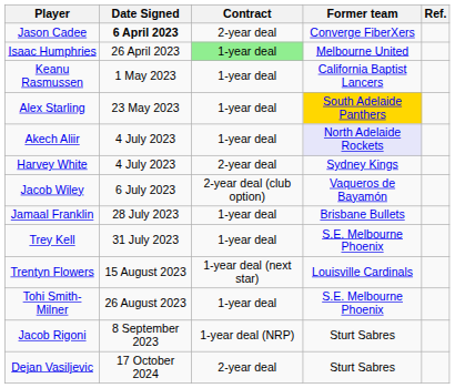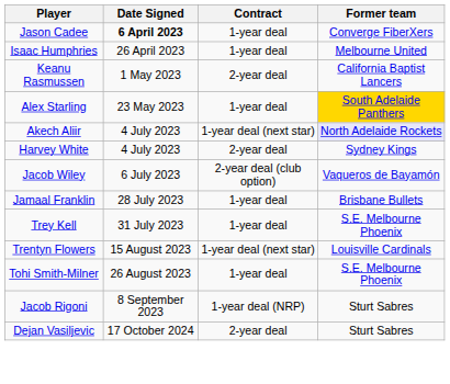 <table class="wikitable sortable sortable" style="text-align: center">
 <tr>
 <th>Player</th>
 <th>Date Signed</th>
 <th>Contract</th>
 <th>Former team</th>
-<th>Ref.</th>
 </tr>
 <tr>
 <td><a href='#'>Jason Cadee</a></td>
 <td><strong>6 April 2023</strong></td>
-<td>2-year deal</td>
+<td>1-year deal</td>
 <td><a href='#'>Converge FiberXers</a></td>
-<td></td>
 </tr>
 <tr>
 <td><a href='#'>Isaac Humphries</a></td>
 <td>26 April 2023</td>
-<td style="background: lightgreen;">1-year deal</td>
+<td>1-year deal</td>
 <td><a href='#'>Melbourne United</a></td>
-<td></td>
 </tr>
 <tr>
 <td><a href='#'>Keanu Rasmussen</a></td>
 <td>1 May 2023</td>
-<td>1-year deal</td>
+<td>2-year deal</td>
 <td><a href='#'>California Baptist Lancers</a></td>
-<td></td>
 </tr>
 <tr>
 <td><a href='#'>Alex Starling</a></td>
 <td>23 May 2023</td>
 <td>1-year deal</td>
 <td style="background: gold;"><a href='#'>South Adelaide Panthers</a></td>
-<td></td>
 </tr>
 <tr>
 <td><a href='#'>Akech Aliir</a></td>
 <td>4 July 2023</td>
-<td>1-year deal</td>
+<td>1-year deal (next star)</td>
 <td style="background: lavender;"><a href='#'>North Adelaide Rockets</a></td>
-<td></td>
 </tr>
 <tr>
 <td><a href='#'>Harvey White</a></td>
 <td>4 July 2023</td>
 <td>2-year deal</td>
 <td><a href='#'>Sydney Kings</a></td>
-<td></td>
 </tr>
 <tr>
 <td><a href='#'>Jacob Wiley</a></td>
 <td>6 July 2023</td>
 <td>2-year deal (club option)</td>
 <td><a href='#'>Vaqueros de Bayamón</a></td>
-<td></td>
 </tr>
 <tr>
 <td><a href='#'>Jamaal Franklin</a></td>
 <td>28 July 2023</td>
 <td>1-year deal</td>
 <td><a href='#'>Brisbane Bullets</a></td>
-<td></td>
 </tr>
 <tr>
 <td><a href='#'>Trey Kell</a></td>
 <td>31 July 2023</td>
 <td>1-year deal</td>
 <td><a href='#'>S.E. Melbourne Phoenix</a></td>
-<td></td>
 </tr>
 <tr>
 <td><a href='#'>Trentyn Flowers</a></td>
 <td>15 August 2023</td>
 <td>1-year deal (next star)</td>
 <td><a href='#'>Louisville Cardinals</a></td>
-<td></td>
 </tr>
 <tr>
 <td><a href='#'>Tohi Smith-Milner</a></td>
 <td>26 August 2023</td>
 <td>1-year deal</td>
 <td><a href='#'>S.E. Melbourne Phoenix</a></td>
-<td></td>
 </tr>
 <tr>
 <td><a href='#'>Jacob Rigoni</a></td>
 <td>8 September 2023</td>
 <td>1-year deal (NRP)</td>
 <td>Sturt Sabres</td>
-<td></td>
 </tr>
 <tr>
 <td><a href='#'>Dejan Vasiljevic</a></td>
 <td>17 October 2024</td>
 <td>2-year deal</td>
 <td>Sturt Sabres</td>
-<td></td>
 </tr>
 </table>
